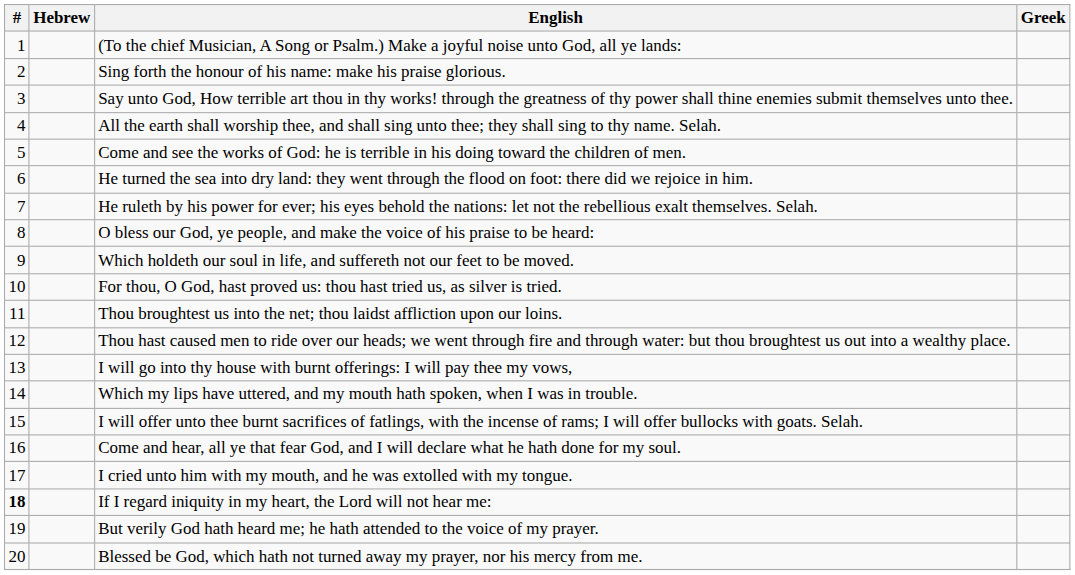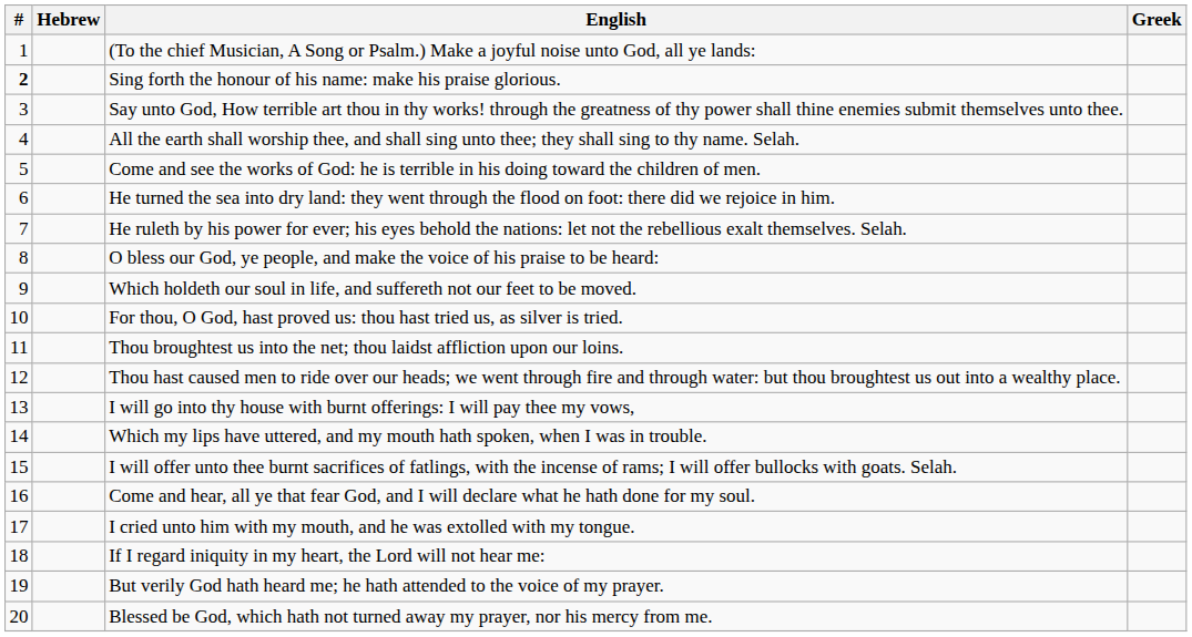 <table class=wikitable>
 <tr>
 <th>#</th>
 <th>Hebrew</th>
 <th>English</th>
 <th>Greek</th>
 </tr>
 <tr>
 <td style="text-align:right">1</td>
 <td style="text-align:right"></td>
 <td>(To the chief Musician, A Song or Psalm.) Make a joyful noise unto God, all ye lands:</td>
 <td></td>
 </tr>
 <tr>
-<td style="text-align:right">2</td>
+<td style="text-align:right"><strong>2</strong></td>
 <td style="text-align:right"></td>
 <td>Sing forth the honour of his name: make his praise glorious.</td>
 <td></td>
 </tr>
 <tr>
 <td style="text-align:right">3</td>
 <td style="text-align:right"></td>
 <td>Say unto God, How terrible art thou in thy works! through the greatness of thy power shall thine enemies submit themselves unto thee.</td>
 <td></td>
 </tr>
 <tr>
 <td style="text-align:right">4</td>
 <td style="text-align:right"></td>
 <td>All the earth shall worship thee, and shall sing unto thee; they shall sing to thy name. Selah.</td>
 <td></td>
 </tr>
 <tr>
 <td style="text-align:right">5</td>
 <td style="text-align:right"></td>
 <td>Come and see the works of God: he is terrible in his doing toward the children of men.</td>
 <td></td>
 </tr>
 <tr>
 <td style="text-align:right">6</td>
 <td style="text-align:right"></td>
 <td>He turned the sea into dry land: they went through the flood on foot: there did we rejoice in him.</td>
 <td></td>
 </tr>
 <tr>
 <td style="text-align:right">7</td>
 <td style="text-align:right"></td>
 <td>He ruleth by his power for ever; his eyes behold the nations: let not the rebellious exalt themselves. Selah.</td>
 <td></td>
 </tr>
 <tr>
 <td style="text-align:right">8</td>
 <td style="text-align:right"></td>
 <td>O bless our God, ye people, and make the voice of his praise to be heard:</td>
 <td></td>
 </tr>
 <tr>
 <td style="text-align:right">9</td>
 <td style="text-align:right"></td>
 <td>Which holdeth our soul in life, and suffereth not our feet to be moved.</td>
 <td></td>
 </tr>
 <tr>
 <td style="text-align:right">10</td>
 <td style="text-align:right"></td>
 <td>For thou, O God, hast proved us: thou hast tried us, as silver is tried.</td>
 <td></td>
 </tr>
 <tr>
 <td style="text-align:right">11</td>
 <td style="text-align:right"></td>
 <td>Thou broughtest us into the net; thou laidst affliction upon our loins.</td>
 <td></td>
 </tr>
 <tr>
 <td style="text-align:right">12</td>
 <td style="text-align:right"></td>
 <td>Thou hast caused men to ride over our heads; we went through fire and through water: but thou broughtest us out into a wealthy place.</td>
 <td></td>
 </tr>
 <tr>
 <td style="text-align:right">13</td>
 <td style="text-align:right"></td>
 <td>I will go into thy house with burnt offerings: I will pay thee my vows,</td>
 <td></td>
 </tr>
 <tr>
 <td style="text-align:right">14</td>
 <td style="text-align:right"></td>
 <td>Which my lips have uttered, and my mouth hath spoken, when I was in trouble.</td>
 <td></td>
 </tr>
 <tr>
 <td style="text-align:right">15</td>
 <td style="text-align:right"></td>
 <td>I will offer unto thee burnt sacrifices of fatlings, with the incense of rams; I will offer bullocks with goats. Selah.</td>
 <td></td>
 </tr>
 <tr>
 <td style="text-align:right">16</td>
 <td style="text-align:right"></td>
 <td>Come and hear, all ye that fear God, and I will declare what he hath done for my soul.</td>
 <td></td>
 </tr>
 <tr>
 <td style="text-align:right">17</td>
 <td style="text-align:right"></td>
 <td>I cried unto him with my mouth, and he was extolled with my tongue.</td>
 <td></td>
 </tr>
 <tr>
-<td style="text-align:right"><strong>18</strong></td>
+<td style="text-align:right">18</td>
 <td style="text-align:right"></td>
 <td>If I regard iniquity in my heart, the Lord will not hear me:</td>
 <td></td>
 </tr>
 <tr>
 <td style="text-align:right">19</td>
 <td style="text-align:right"></td>
 <td>But verily God hath heard me; he hath attended to the voice of my prayer.</td>
 <td></td>
 </tr>
 <tr>
 <td style="text-align:right">20</td>
 <td style="text-align:right"></td>
 <td>Blessed be God, which hath not turned away my prayer, nor his mercy from me.</td>
 <td></td>
 </tr>
 <tr>
 </tr>
 </table>
